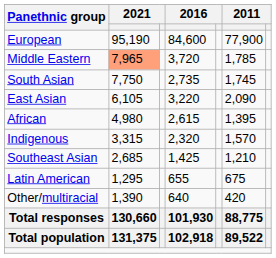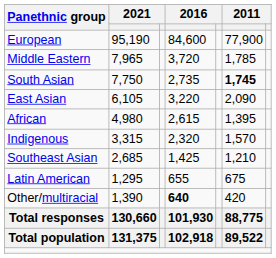 <table class="wikitable collapsible sortable">
 <tr>
 <th rowspan="2"><a href='#'>Panethnic</a> group</th>
 <th colspan="2">2021</th>
 <th colspan="2">2016</th>
 <th colspan="2">2011</th>
 </tr>
 <tr>
 <th><a href='#'></a></th>
 <th></th>
 <th></th>
 <th></th>
 <th></th>
 <th></th>
 </tr>
 <tr>
 <td><a href='#'>European</a></td>
 <td>95,190</td>
 <td></td>
 <td>84,600</td>
 <td></td>
 <td>77,900</td>
 <td></td>
 </tr>
 <tr>
 <td><a href='#'>Middle Eastern</a></td>
-<td style="background: lightsalmon;">7,965</td>
+<td>7,965</td>
 <td></td>
 <td>3,720</td>
 <td></td>
 <td>1,785</td>
 <td></td>
 </tr>
 <tr>
 <td><a href='#'>South Asian</a></td>
 <td>7,750</td>
 <td></td>
 <td>2,735</td>
 <td></td>
-<td>1,745</td>
+<td><strong>1,745</strong></td>
 <td></td>
 </tr>
 <tr>
 <td><a href='#'>East Asian</a></td>
 <td>6,105</td>
 <td></td>
 <td>3,220</td>
 <td></td>
 <td>2,090</td>
 <td></td>
 </tr>
 <tr>
 <td><a href='#'>African</a></td>
 <td>4,980</td>
 <td></td>
 <td>2,615</td>
 <td></td>
 <td>1,395</td>
 <td></td>
 </tr>
 <tr>
 <td><a href='#'>Indigenous</a></td>
 <td>3,315</td>
 <td></td>
 <td>2,320</td>
 <td></td>
 <td>1,570</td>
 <td></td>
 </tr>
 <tr>
 <td><a href='#'>Southeast Asian</a></td>
 <td>2,685</td>
 <td></td>
 <td>1,425</td>
 <td></td>
 <td>1,210</td>
 <td></td>
 </tr>
 <tr>
 <td><a href='#'>Latin American</a></td>
 <td>1,295</td>
 <td></td>
 <td>655</td>
 <td></td>
 <td>675</td>
 <td></td>
 </tr>
 <tr>
 <td>Other/<a href='#'>multiracial</a></td>
 <td>1,390</td>
 <td></td>
-<td>640</td>
+<td><strong>640</strong></td>
 <td></td>
 <td>420</td>
 <td></td>
 </tr>
 <tr>
 <th>Total responses</th>
 <th>130,660</th>
 <th></th>
 <th>101,930</th>
 <th></th>
 <th>88,775</th>
 <th></th>
 </tr>
 <tr class="sortbottom">
 <th>Total population</th>
 <th>131,375</th>
 <th></th>
 <th>102,918</th>
 <th></th>
 <th>89,522</th>
 <th></th>
 </tr>
 <tr class="sortbottom">
 <td colspan="15"></td>
 </tr>
 </table>
